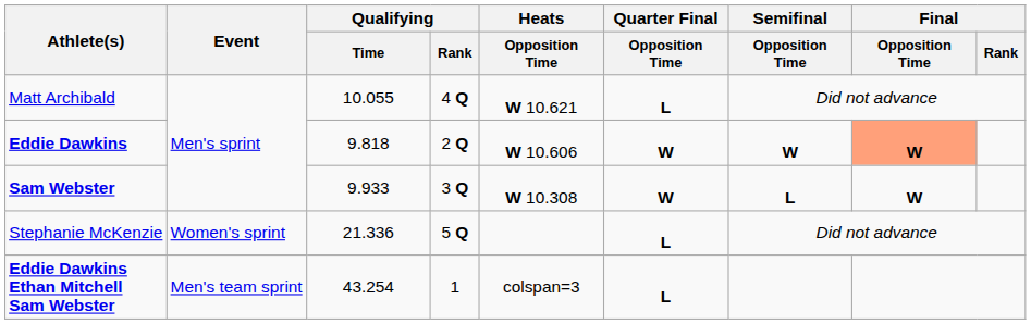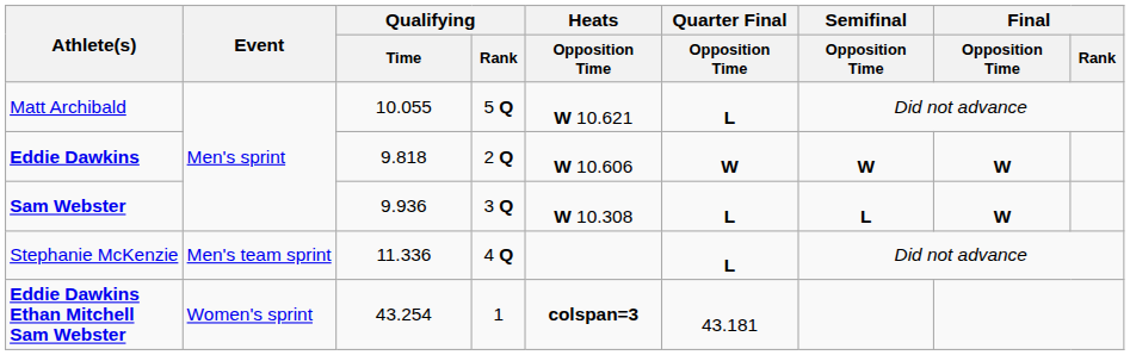 <table class=wikitable style="text-align:center;font-size:90%">
 <tr>
 <th rowspan="2">Athlete(s)</th>
 <th rowspan="2">Event</th>
 <th colspan="2" width=135>Qualifying</th>
 <th width=100>Heats</th>
 <th width=100>Quarter Final</th>
 <th width=100>Semifinal</th>
 <th colspan="2" width=135>Final</th>
 </tr>
 <tr>
 <th style="line-height:1em" width=100><small>Time</small></th>
 <th style="line-height:1em" width=35><small>Rank</small></th>
 <th style="line-height:1em" width=100><small>Opposition<br>Time</small></th>
 <th style="line-height:1em" width=100><small>Opposition<br>Time</small></th>
 <th style="line-height:1em" width=100><small>Opposition<br>Time</small></th>
 <th style="line-height:1em" width=100><small>Opposition<br>Time</small></th>
 <th style="line-height:1em" width=35><small>Rank</small></th>
 </tr>
 <tr>
 <td align=left><a href='#'>Matt Archibald</a></td>
 <td align=left rowspan=3><a href='#'>Men's sprint</a></td>
 <td>10.055</td>
-<td>4 <strong>Q</strong></td>
+<td>5 <strong>Q</strong></td>
 <td><br> <strong>W</strong> 10.621</td>
 <td><br> <strong>L</strong></td>
 <td colspan=3><em>Did not advance</em></td>
 </tr>
 <tr>
 <td align=left><strong><a href='#'>Eddie Dawkins</a></strong></td>
 <td>9.818</td>
 <td>2 <strong>Q</strong></td>
 <td><br> <strong>W</strong> 10.606</td>
 <td><br> <strong>W</strong></td>
 <td><br> <strong>W</strong></td>
-<td style="background: lightsalmon;"><br> <strong>W</strong></td>
+<td><br> <strong>W</strong></td>
 <td></td>
 </tr>
 <tr>
 <td align=left><strong><a href='#'>Sam Webster</a></strong></td>
-<td>9.933</td>
+<td>9.936</td>
 <td>3 <strong>Q</strong></td>
 <td><br> <strong>W</strong> 10.308</td>
-<td><br> <strong>W</strong></td>
+<td><br><strong>L</strong></td>
 <td><br> <strong>L</strong></td>
 <td><br> <strong>W</strong></td>
 <td></td>
 </tr>
 <tr>
 <td align=left><a href='#'>Stephanie McKenzie</a></td>
-<td align=left><a href='#'>Women's sprint</a></td>
-<td>21.336</td>
-<td>5 <strong>Q</strong></td>
+<td align=left><a href='#'>Men's team sprint</a></td>
+<td>11.336</td>
+<td>4 <strong>Q</strong></td>
 <td></td>
 <td><br><strong>L</strong></td>
 <td colspan=3><em>Did not advance</em></td>
 </tr>
 <tr>
 <td align=left><strong><a href='#'>Eddie Dawkins</a><br><a href='#'>Ethan Mitchell</a><br><a href='#'>Sam Webster</a></strong></td>
-<td align=left><a href='#'>Men's team sprint</a></td>
+<td align=left><a href='#'>Women's sprint</a></td>
 <td>43.254</td>
 <td>1</td>
-<td>colspan=3 </td>
-<td><br> <strong>L</strong></td>
+<td><strong>colspan=3 </strong></td>
+<td><br>43.181 <strong></strong></td>
 <td></td>
 </tr>
 </table>
